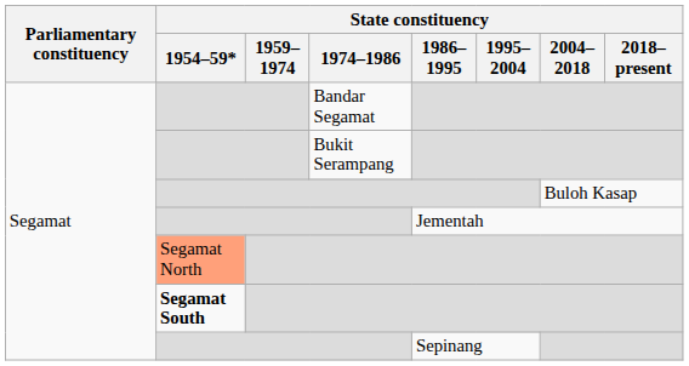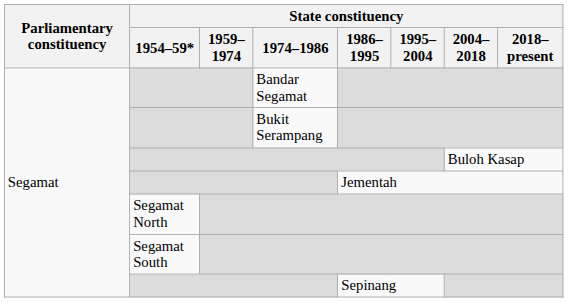 <table class="wikitable">
 <tr>
 <th rowspan="2">Parliamentary constituency</th>
 <th colspan="7">State constituency</th>
 </tr>
 <tr>
 <th>1954–59*</th>
 <th>1959–1974</th>
 <th>1974–1986</th>
 <th>1986–1995</th>
 <th>1995–2004</th>
 <th>2004–2018</th>
 <th>2018–present</th>
 </tr>
 <tr>
 <td rowspan="7">Segamat</td>
 <td colspan="2" bgcolor="dcdcdc"></td>
 <td>Bandar Segamat</td>
 <td colspan="4" bgcolor="dcdcdc"></td>
 </tr>
 <tr>
 <td colspan="2" bgcolor="dcdcdc"></td>
 <td>Bukit Serampang</td>
 <td colspan="4" bgcolor="dcdcdc"></td>
 </tr>
 <tr>
 <td colspan="5" bgcolor="dcdcdc"></td>
 <td colspan="2">Buloh Kasap</td>
 </tr>
 <tr>
 <td colspan="3" bgcolor="dcdcdc"></td>
 <td colspan="4">Jementah</td>
 </tr>
 <tr>
-<td style="background: lightsalmon;">Segamat North</td>
+<td>Segamat North</td>
 <td colspan="6" bgcolor="dcdcdc"></td>
 </tr>
 <tr>
-<td><strong>Segamat South</strong></td>
+<td>Segamat South</td>
 <td colspan="6" bgcolor="dcdcdc"></td>
 </tr>
 <tr>
 <td colspan="3" bgcolor="dcdcdc"></td>
 <td colspan="2">Sepinang</td>
 <td colspan="2" bgcolor="dcdcdc"></td>
 </tr>
 </table>
